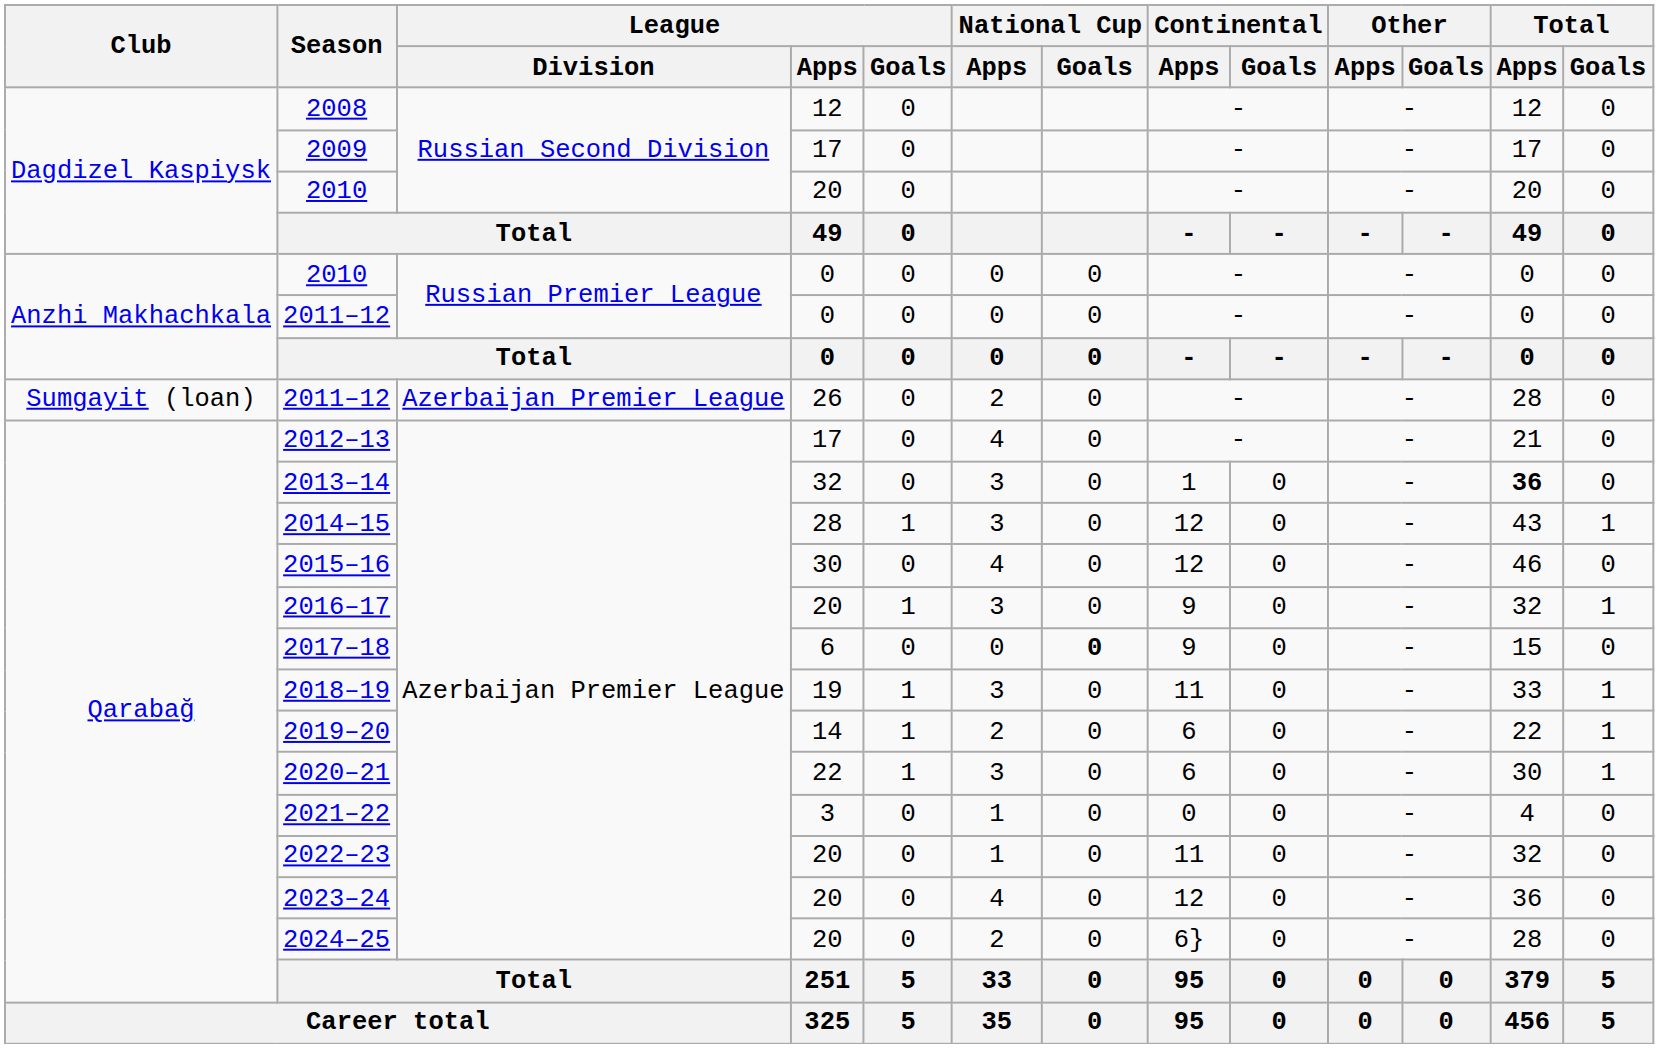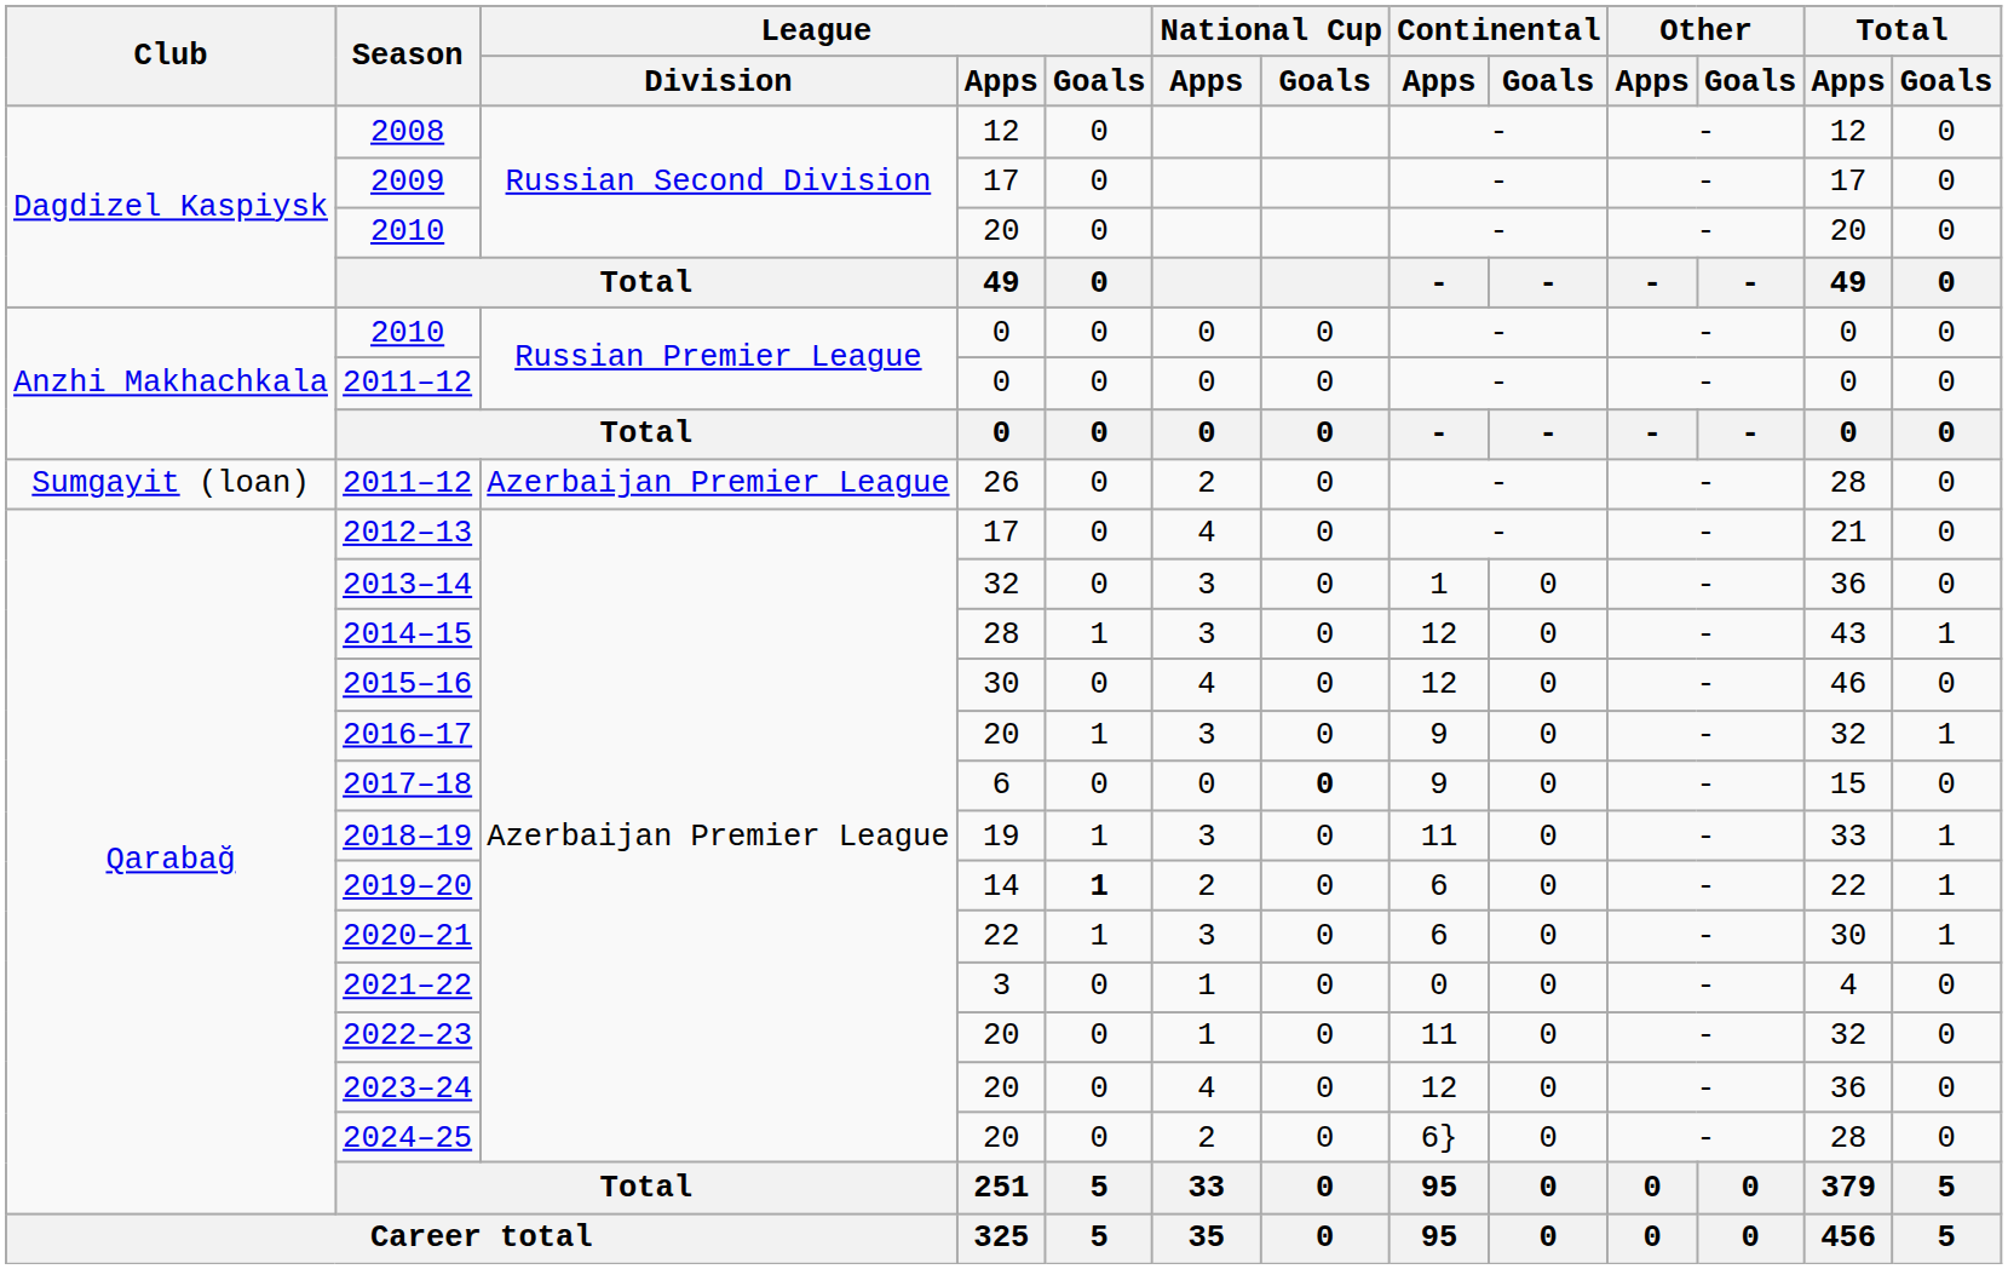 <table class="wikitable" style="text-align:center">
 <tr>
 <th rowspan="2">Club</th>
 <th rowspan="2">Season</th>
 <th colspan="3">League</th>
 <th colspan="2">National Cup</th>
 <th colspan="2">Continental</th>
 <th colspan="2">Other</th>
 <th colspan="2">Total</th>
 </tr>
 <tr>
 <th>Division</th>
 <th>Apps</th>
 <th>Goals</th>
 <th>Apps</th>
 <th>Goals</th>
 <th>Apps</th>
 <th>Goals</th>
 <th>Apps</th>
 <th>Goals</th>
 <th>Apps</th>
 <th>Goals</th>
 </tr>
 <tr>
 <td rowspan="4"><a href='#'>Dagdizel Kaspiysk</a></td>
 <td><a href='#'>2008</a></td>
 <td rowspan="3"><a href='#'>Russian Second Division</a></td>
 <td>12</td>
 <td>0</td>
 <td></td>
 <td></td>
 <td colspan="2">-</td>
 <td colspan="2">-</td>
 <td>12</td>
 <td>0</td>
 </tr>
 <tr>
 <td><a href='#'>2009</a></td>
 <td>17</td>
 <td>0</td>
 <td></td>
 <td></td>
 <td colspan="2">-</td>
 <td colspan="2">-</td>
 <td>17</td>
 <td>0</td>
 </tr>
 <tr>
 <td><a href='#'>2010</a></td>
 <td>20</td>
 <td>0</td>
 <td></td>
 <td></td>
 <td colspan="2">-</td>
 <td colspan="2">-</td>
 <td>20</td>
 <td>0</td>
 </tr>
 <tr>
 <th colspan="2">Total</th>
 <th>49</th>
 <th>0</th>
 <th></th>
 <th></th>
 <th>-</th>
 <th>-</th>
 <th>-</th>
 <th>-</th>
 <th>49</th>
 <th>0</th>
 </tr>
 <tr>
 <td rowspan="3"><a href='#'>Anzhi Makhachkala</a></td>
 <td><a href='#'>2010</a></td>
 <td rowspan="2"><a href='#'>Russian Premier League</a></td>
 <td>0</td>
 <td>0</td>
 <td>0</td>
 <td>0</td>
 <td colspan="2">-</td>
 <td colspan="2">-</td>
 <td>0</td>
 <td>0</td>
 </tr>
 <tr>
 <td><a href='#'>2011–12</a></td>
 <td>0</td>
 <td>0</td>
 <td>0</td>
 <td>0</td>
 <td colspan="2">-</td>
 <td colspan="2">-</td>
 <td>0</td>
 <td>0</td>
 </tr>
 <tr>
 <th colspan="2">Total</th>
 <th>0</th>
 <th>0</th>
 <th>0</th>
 <th>0</th>
 <th>-</th>
 <th>-</th>
 <th>-</th>
 <th>-</th>
 <th>0</th>
 <th>0</th>
 </tr>
 <tr>
 <td><a href='#'>Sumgayit</a> (loan)</td>
 <td><a href='#'>2011–12</a></td>
 <td><a href='#'>Azerbaijan Premier League</a></td>
 <td>26</td>
 <td>0</td>
 <td>2</td>
 <td>0</td>
 <td colspan="2">-</td>
 <td colspan="2">-</td>
 <td>28</td>
 <td>0</td>
 </tr>
 <tr>
 <td rowspan="14"><a href='#'>Qarabağ</a></td>
 <td><a href='#'>2012–13</a></td>
 <td rowspan="13">Azerbaijan Premier League</td>
 <td>17</td>
 <td>0</td>
 <td>4</td>
 <td>0</td>
 <td colspan="2">-</td>
 <td colspan="2">-</td>
 <td>21</td>
 <td>0</td>
 </tr>
 <tr>
 <td><a href='#'>2013–14</a></td>
 <td>32</td>
 <td>0</td>
 <td>3</td>
 <td>0</td>
 <td>1</td>
 <td>0</td>
 <td colspan="2">-</td>
-<td><strong>36</strong></td>
+<td>36</td>
 <td>0</td>
 </tr>
 <tr>
 <td><a href='#'>2014–15</a></td>
 <td>28</td>
 <td>1</td>
 <td>3</td>
 <td>0</td>
 <td>12</td>
 <td>0</td>
 <td colspan="2">-</td>
 <td>43</td>
 <td>1</td>
 </tr>
 <tr>
 <td><a href='#'>2015–16</a></td>
 <td>30</td>
 <td>0</td>
 <td>4</td>
 <td>0</td>
 <td>12</td>
 <td>0</td>
 <td colspan="2">-</td>
 <td>46</td>
 <td>0</td>
 </tr>
 <tr>
 <td><a href='#'>2016–17</a></td>
 <td>20</td>
 <td>1</td>
 <td>3</td>
 <td>0</td>
 <td>9</td>
 <td>0</td>
 <td colspan="2">-</td>
 <td>32</td>
 <td>1</td>
 </tr>
 <tr>
 <td><a href='#'>2017–18</a></td>
 <td>6</td>
 <td>0</td>
 <td>0</td>
 <td><strong>0</strong></td>
 <td>9</td>
 <td>0</td>
 <td colspan="2">-</td>
 <td>15</td>
 <td>0</td>
 </tr>
 <tr>
 <td><a href='#'>2018–19</a></td>
 <td>19</td>
 <td>1</td>
 <td>3</td>
 <td>0</td>
 <td>11</td>
 <td>0</td>
 <td colspan="2">-</td>
 <td>33</td>
 <td>1</td>
 </tr>
 <tr>
 <td><a href='#'>2019–20</a></td>
 <td>14</td>
-<td>1</td>
+<td><strong>1</strong></td>
 <td>2</td>
 <td>0</td>
 <td>6</td>
 <td>0</td>
 <td colspan="2">-</td>
 <td>22</td>
 <td>1</td>
 </tr>
 <tr>
 <td><a href='#'>2020–21</a></td>
 <td>22</td>
 <td>1</td>
 <td>3</td>
 <td>0</td>
 <td>6</td>
 <td>0</td>
 <td colspan="2">-</td>
 <td>30</td>
 <td>1</td>
 </tr>
 <tr>
 <td><a href='#'>2021–22</a></td>
 <td>3</td>
 <td>0</td>
 <td>1</td>
 <td>0</td>
 <td>0</td>
 <td>0</td>
 <td colspan="2">-</td>
 <td>4</td>
 <td>0</td>
 </tr>
 <tr>
 <td><a href='#'>2022–23</a></td>
 <td>20</td>
 <td>0</td>
 <td>1</td>
 <td>0</td>
 <td>11</td>
 <td>0</td>
 <td colspan="2">-</td>
 <td>32</td>
 <td>0</td>
 </tr>
 <tr>
 <td><a href='#'>2023–24</a></td>
 <td>20</td>
 <td>0</td>
 <td>4</td>
 <td>0</td>
 <td>12</td>
 <td>0</td>
 <td colspan="2">-</td>
 <td>36</td>
 <td>0</td>
 </tr>
 <tr>
 <td><a href='#'>2024–25</a></td>
 <td>20</td>
 <td>0</td>
 <td>2</td>
 <td>0</td>
 <td>6}</td>
 <td>0</td>
 <td colspan="2">-</td>
 <td>28</td>
 <td>0</td>
 </tr>
 <tr>
 <th colspan="2">Total</th>
 <th>251</th>
 <th>5</th>
 <th>33</th>
 <th>0</th>
 <th>95</th>
 <th>0</th>
 <th>0</th>
 <th>0</th>
 <th>379</th>
 <th>5</th>
 </tr>
 <tr>
 <th colspan="3">Career total</th>
 <th>325</th>
 <th>5</th>
 <th>35</th>
 <th>0</th>
 <th>95</th>
 <th>0</th>
 <th>0</th>
 <th>0</th>
 <th>456</th>
 <th>5</th>
 </tr>
 </table>
